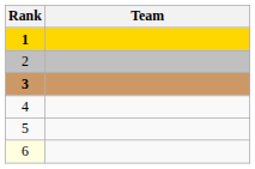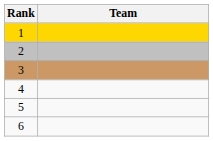 <table class="wikitable">
 <tr>
 <th>Rank</th>
 <th style="width:14em">Team</th>
 </tr>
 <tr style="background:gold;">
-<td align=center><strong>1</strong></td>
+<td align=center>1</td>
 <td></td>
 </tr>
 <tr style="background:silver;">
 <td align=center>2</td>
 <td></td>
 </tr>
 <tr style="background:#c96;">
-<td align=center><strong>3</strong></td>
+<td align=center>3</td>
 <td></td>
 </tr>
 <tr>
 <td align=center>4</td>
 <td></td>
 </tr>
 <tr>
 <td align=center>5</td>
 <td></td>
 </tr>
 <tr>
-<td align=center style="background: lightyellow;">6</td>
+<td align=center>6</td>
 <td></td>
 </tr>
 </table>
